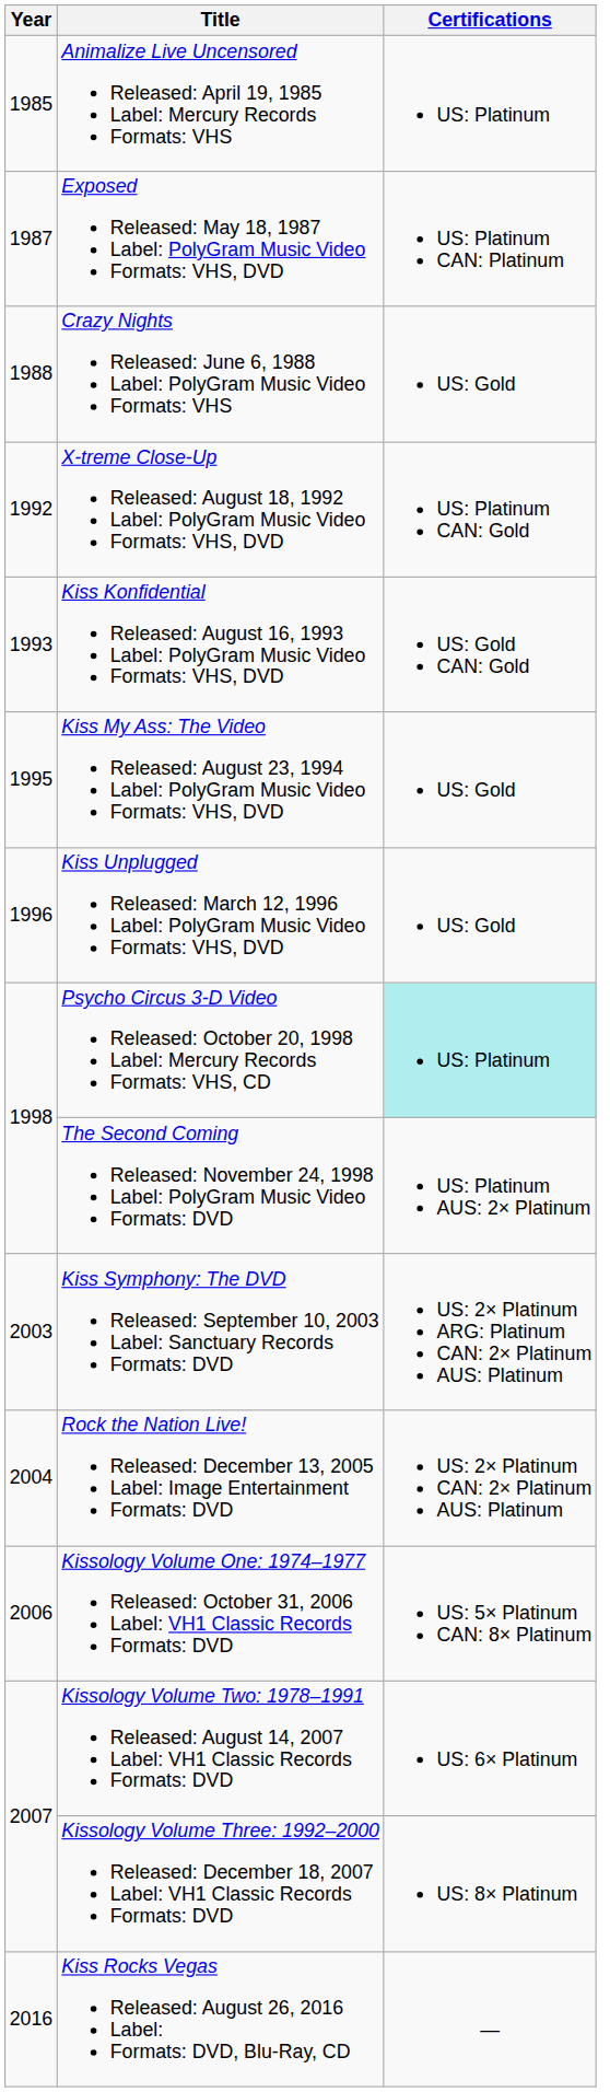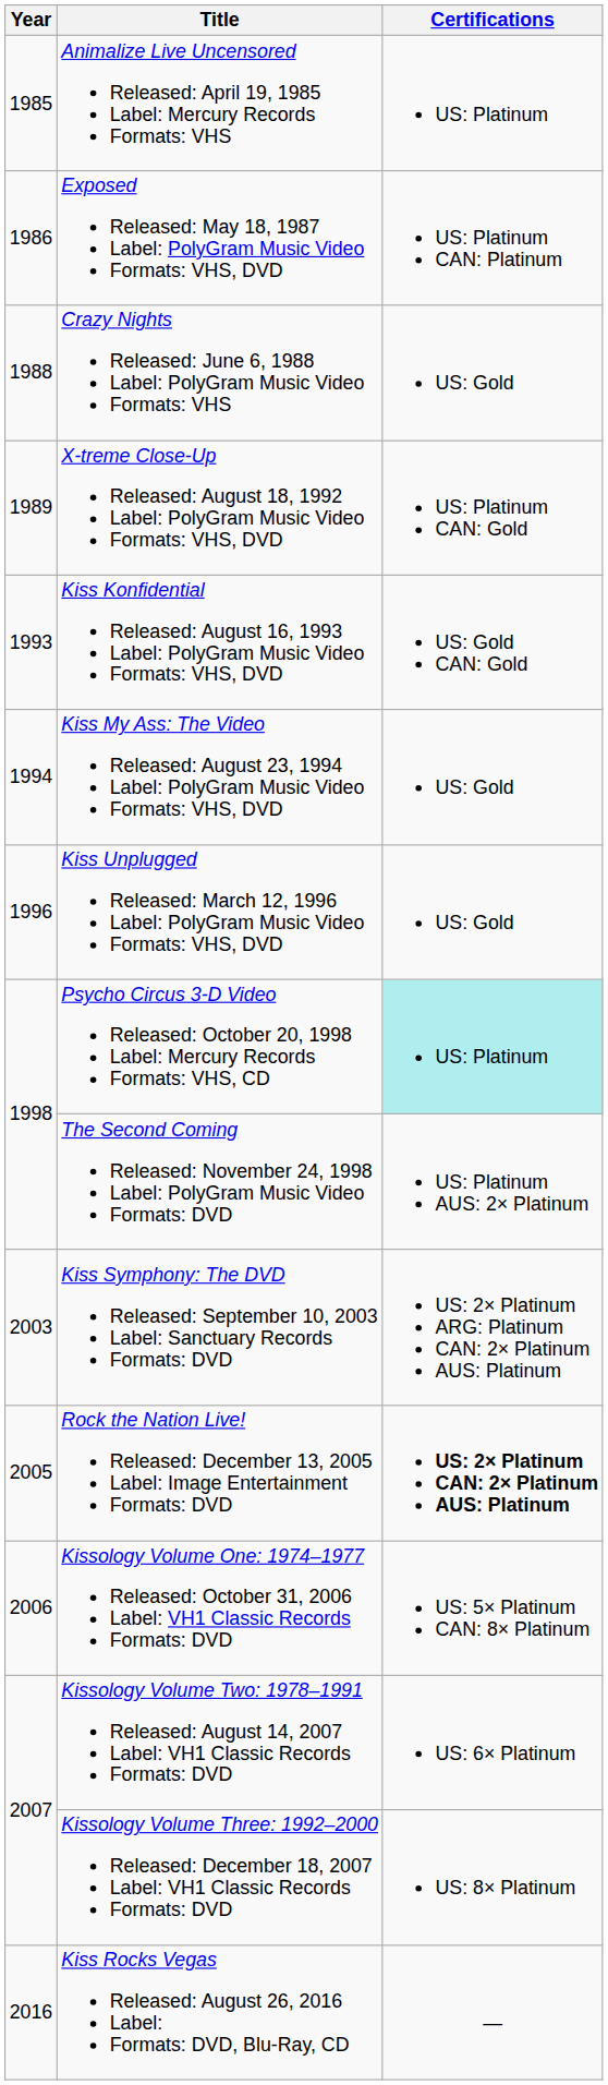 <table class="wikitable">
 <tr>
 <th>Year</th>
 <th>Title</th>
 <th><a href='#'>Certifications</a></th>
 </tr>
 <tr>
 <td>1985</td>
 <td><em><a href='#'>Animalize Live Uncensored</a></em><br><ul><li>Released: April 19, 1985</li><li>Label: Mercury Records</li><li>Formats: VHS</li></ul></td>
 <td align="left"><br><ul><li>US: Platinum</li></ul></td>
 </tr>
 <tr>
-<td>1987</td>
+<td>1986</td>
 <td><em><a href='#'>Exposed</a></em><br><ul><li>Released: May 18, 1987</li><li>Label: <a href='#'>PolyGram Music Video</a></li><li>Formats: VHS, DVD</li></ul></td>
 <td align="left"><br><ul><li>US: Platinum</li><li>CAN: Platinum</li></ul></td>
 </tr>
 <tr>
 <td>1988</td>
 <td><em><a href='#'>Crazy Nights</a></em><br><ul><li>Released: June 6, 1988</li><li>Label: PolyGram Music Video</li><li>Formats: VHS</li></ul></td>
 <td align="left"><br><ul><li>US: Gold</li></ul></td>
 </tr>
 <tr>
-<td>1992</td>
+<td>1989</td>
 <td><em><a href='#'>X-treme Close-Up</a></em><br><ul><li>Released: August 18, 1992</li><li>Label: PolyGram Music Video</li><li>Formats: VHS, DVD</li></ul></td>
 <td align="left"><br><ul><li>US: Platinum</li><li>CAN: Gold</li></ul></td>
 </tr>
 <tr>
 <td>1993</td>
 <td><em><a href='#'>Kiss Konfidential</a></em><br><ul><li>Released: August 16, 1993</li><li>Label: PolyGram Music Video</li><li>Formats: VHS, DVD</li></ul></td>
 <td align="left"><br><ul><li>US: Gold</li><li>CAN: Gold</li></ul></td>
 </tr>
 <tr>
-<td>1995</td>
+<td>1994</td>
 <td><em><a href='#'>Kiss My Ass: The Video</a></em><br><ul><li>Released: August 23, 1994</li><li>Label: PolyGram Music Video</li><li>Formats: VHS, DVD</li></ul></td>
 <td><br><ul><li>US: Gold</li></ul></td>
 </tr>
 <tr>
 <td>1996</td>
 <td><em><a href='#'>Kiss Unplugged</a></em><br><ul><li>Released: March 12, 1996</li><li>Label: PolyGram Music Video</li><li>Formats: VHS, DVD</li></ul></td>
 <td align="left"><br><ul><li>US: Gold</li></ul></td>
 </tr>
 <tr>
 <td rowspan="2">1998</td>
 <td><em><a href='#'>Psycho Circus 3-D Video</a></em><br><ul><li>Released: October 20, 1998</li><li>Label: Mercury Records</li><li>Formats:  VHS, CD</li></ul></td>
 <td align="left" style="background: paleturquoise;"><br><ul><li>US: Platinum</li></ul></td>
 </tr>
 <tr>
 <td><em><a href='#'>The Second Coming</a></em><br><ul><li>Released: November 24, 1998</li><li>Label: PolyGram Music Video</li><li>Formats: DVD</li></ul></td>
 <td align="left"><br><ul><li>US: Platinum</li><li>AUS: 2× Platinum</li></ul></td>
 </tr>
 <tr>
 <td>2003</td>
 <td><em><a href='#'>Kiss Symphony: The DVD</a></em><br><ul><li>Released: September 10, 2003</li><li>Label: Sanctuary Records</li><li>Formats: DVD</li></ul></td>
 <td align="left"><br><ul><li>US: 2× Platinum</li><li>ARG: Platinum</li><li>CAN: 2× Platinum</li><li>AUS: Platinum</li></ul></td>
 </tr>
 <tr>
-<td>2004</td>
+<td>2005</td>
 <td><em><a href='#'>Rock the Nation Live!</a></em><br><ul><li>Released: December 13, 2005</li><li>Label: Image Entertainment</li><li>Formats: DVD</li></ul></td>
-<td align="left"><br><ul><li>US: 2× Platinum</li><li>CAN: 2× Platinum</li><li>AUS: Platinum</li></ul></td>
+<td align="left"><strong><br><ul><li>US: 2× Platinum</li><li>CAN: 2× Platinum</li><li>AUS: Platinum</li></ul></strong></td>
 </tr>
 <tr>
 <td>2006</td>
 <td><em><a href='#'>Kissology Volume One: 1974–1977</a></em><br><ul><li>Released: October 31, 2006</li><li>Label: <a href='#'>VH1 Classic Records</a></li><li>Formats: DVD</li></ul></td>
 <td align="left"><br><ul><li>US: 5× Platinum</li><li>CAN: 8× Platinum</li></ul></td>
 </tr>
 <tr>
 <td rowspan="2">2007</td>
 <td><em><a href='#'>Kissology Volume Two: 1978–1991</a></em><br><ul><li>Released: August 14, 2007</li><li>Label: VH1 Classic Records</li><li>Formats: DVD</li></ul></td>
 <td align="left"><br><ul><li>US: 6× Platinum</li></ul></td>
 </tr>
 <tr>
 <td><em><a href='#'>Kissology Volume Three: 1992–2000</a></em><br><ul><li>Released: December 18, 2007</li><li>Label: VH1 Classic Records</li><li>Formats: DVD</li></ul></td>
 <td align="left"><br><ul><li>US: 8× Platinum</li></ul></td>
 </tr>
 <tr>
 <td>2016</td>
 <td><em><a href='#'>Kiss Rocks Vegas</a></em><br><ul><li>Released: August 26, 2016</li><li>Label:</li><li>Formats: DVD, Blu-Ray, CD</li></ul></td>
 <td align="center"><br>—</td>
 </tr>
 </table>
